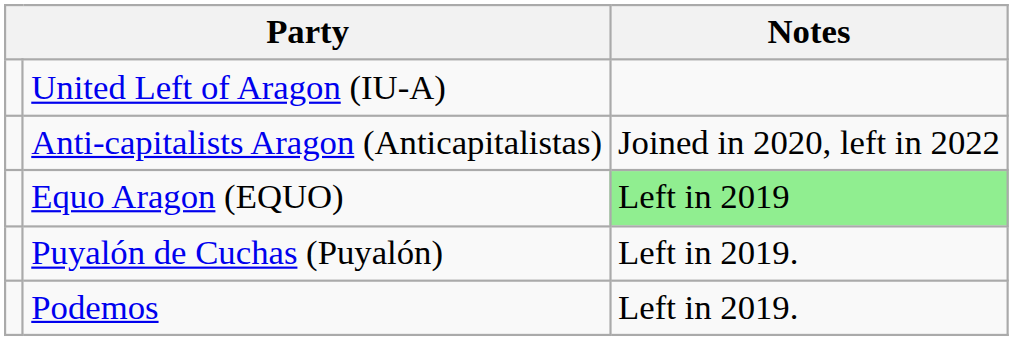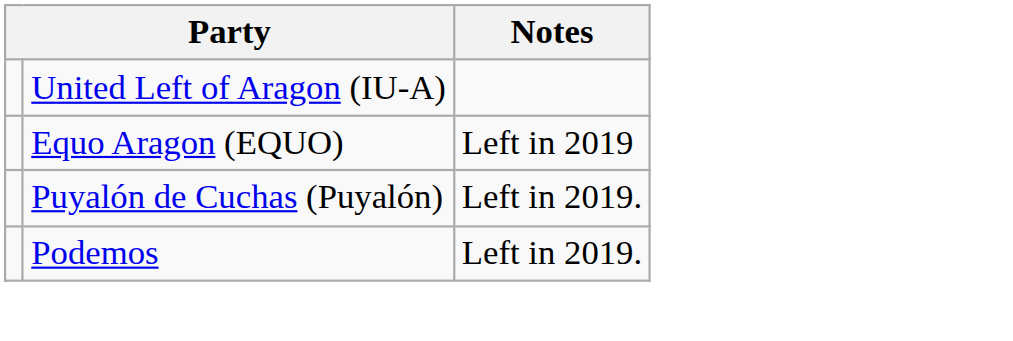 <table class="wikitable" style="text-align:left;">
 <tr>
 <th colspan="2">Party</th>
 <th colspan="1">Notes</th>
 </tr>
 <tr>
 <td width="1"></td>
 <td><a href='#'>United Left of Aragon</a> (IU-A)</td>
 <td></td>
 </tr>
 <tr>
 <td></td>
-<td><a href='#'>Anti-capitalists Aragon</a> (Anticapitalistas)</td>
-<td>Joined in 2020, left in 2022</td>
-</tr>
-<tr>
-<td></td>
 <td><a href='#'>Equo Aragon</a> (EQUO)</td>
-<td style="background: lightgreen;">Left in 2019</td>
+<td>Left in 2019</td>
 </tr>
 <tr>
 <td></td>
 <td><a href='#'>Puyalón de Cuchas</a> (Puyalón)</td>
 <td>Left in 2019.</td>
 </tr>
 <tr>
 <td></td>
 <td><a href='#'>Podemos</a></td>
 <td>Left in 2019.</td>
 </tr>
 </table>
